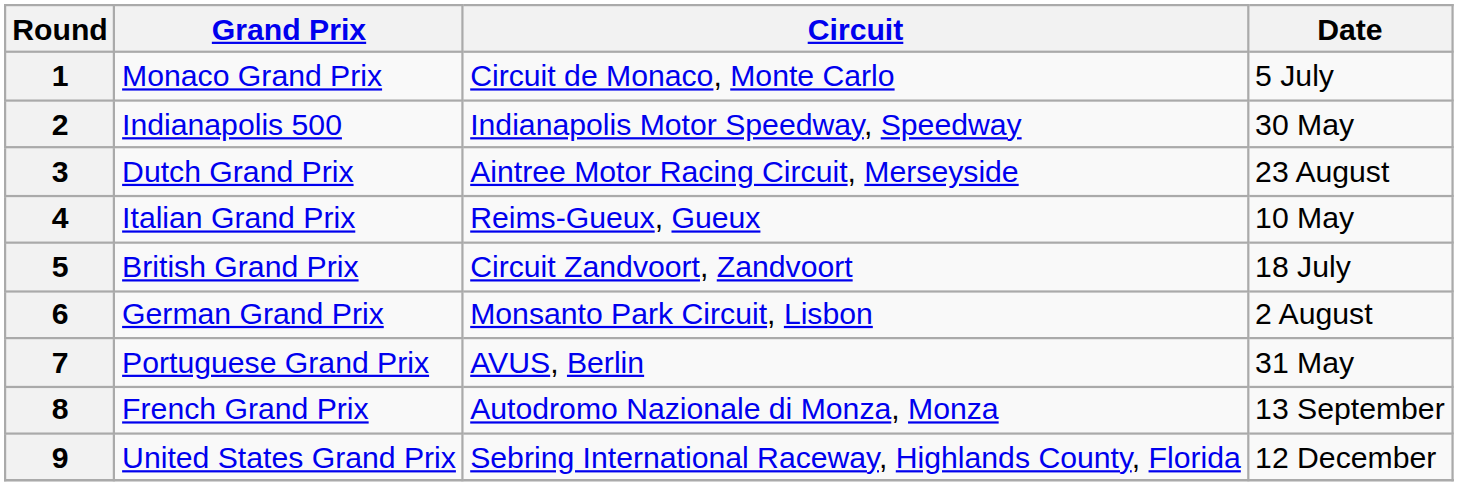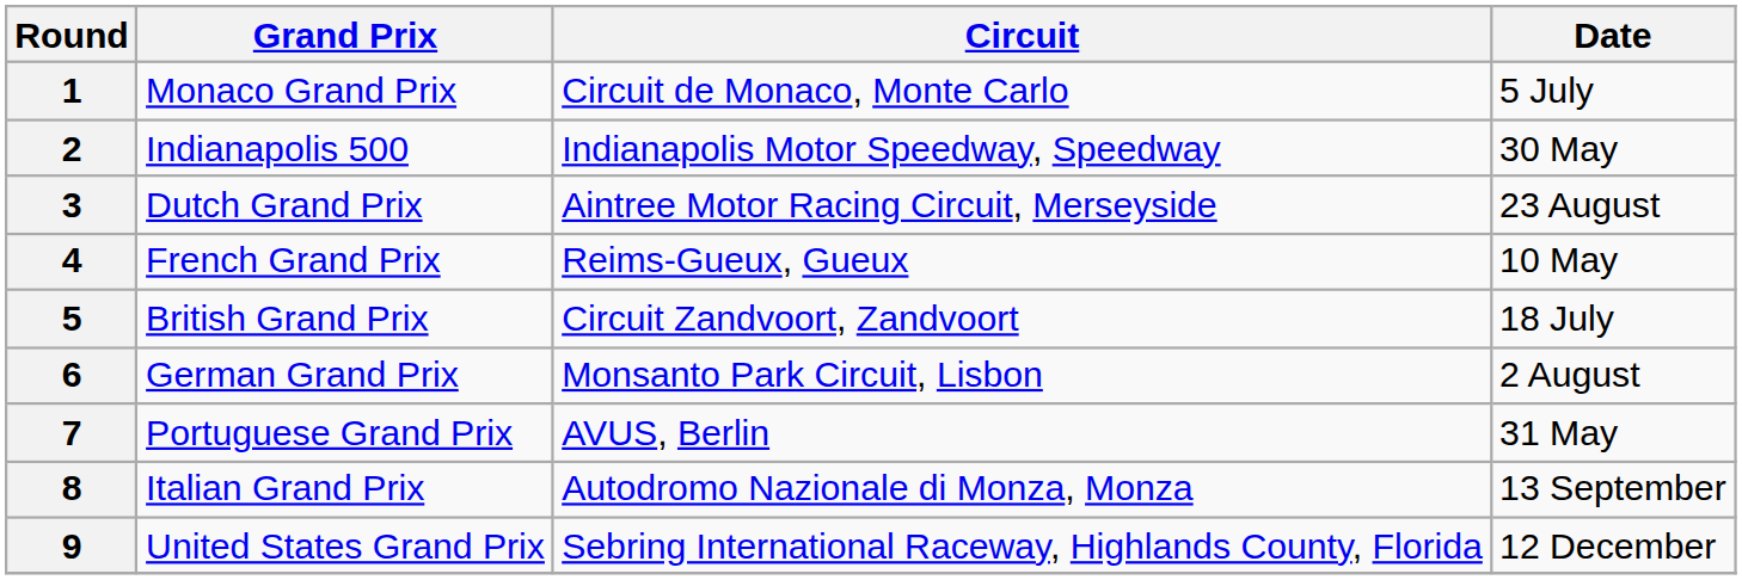 <table class="wikitable" style="font-size: 85%;">
 <tr>
 <th>Round</th>
 <th><a href='#'>Grand Prix</a></th>
 <th><a href='#'>Circuit</a></th>
 <th>Date</th>
 </tr>
 <tr>
 <th>1</th>
 <td><a href='#'>Monaco Grand Prix</a></td>
 <td> <a href='#'>Circuit de Monaco</a>, <a href='#'>Monte Carlo</a></td>
 <td>5 July</td>
 </tr>
 <tr>
 <th>2</th>
 <td><a href='#'>Indianapolis 500</a></td>
 <td> <a href='#'>Indianapolis Motor Speedway</a>, <a href='#'>Speedway</a></td>
 <td>30 May</td>
 </tr>
 <tr>
 <th>3</th>
 <td><a href='#'>Dutch Grand Prix</a></td>
 <td> <a href='#'>Aintree Motor Racing Circuit</a>, <a href='#'>Merseyside</a></td>
 <td>23 August</td>
 </tr>
 <tr>
 <th>4</th>
-<td><a href='#'>Italian Grand Prix</a></td>
+<td><a href='#'>French Grand Prix</a></td>
 <td> <a href='#'>Reims-Gueux</a>, <a href='#'>Gueux</a></td>
 <td>10 May</td>
 </tr>
 <tr>
 <th>5</th>
 <td><a href='#'>British Grand Prix</a></td>
 <td> <a href='#'>Circuit Zandvoort</a>, <a href='#'>Zandvoort</a></td>
 <td>18 July</td>
 </tr>
 <tr>
 <th>6</th>
 <td><a href='#'>German Grand Prix</a></td>
 <td> <a href='#'>Monsanto Park Circuit</a>, <a href='#'>Lisbon</a></td>
 <td>2 August</td>
 </tr>
 <tr>
 <th>7</th>
 <td><a href='#'>Portuguese Grand Prix</a></td>
 <td> <a href='#'>AVUS</a>, <a href='#'>Berlin</a></td>
 <td>31 May</td>
 </tr>
 <tr>
 <th>8</th>
-<td><a href='#'>French Grand Prix</a></td>
+<td><a href='#'>Italian Grand Prix</a></td>
 <td> <a href='#'>Autodromo Nazionale di Monza</a>, <a href='#'>Monza</a></td>
 <td>13 September</td>
 </tr>
 <tr>
 <th>9</th>
 <td><a href='#'>United States Grand Prix</a></td>
 <td> <a href='#'>Sebring International Raceway</a>, <a href='#'>Highlands County</a>, <a href='#'>Florida</a></td>
 <td>12 December</td>
 </tr>
 <tr>
 </tr>
 </table>
